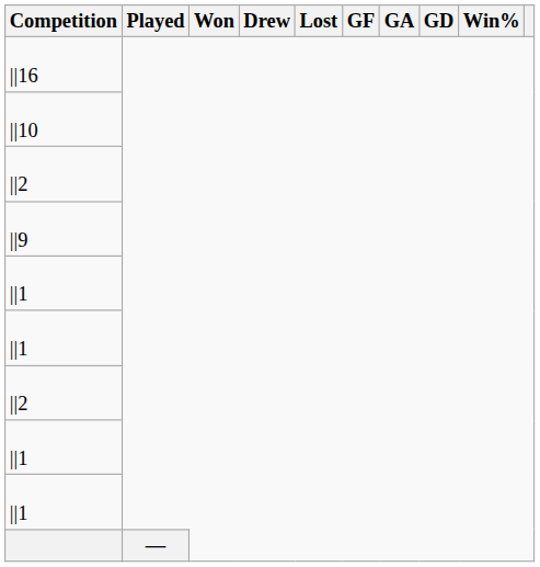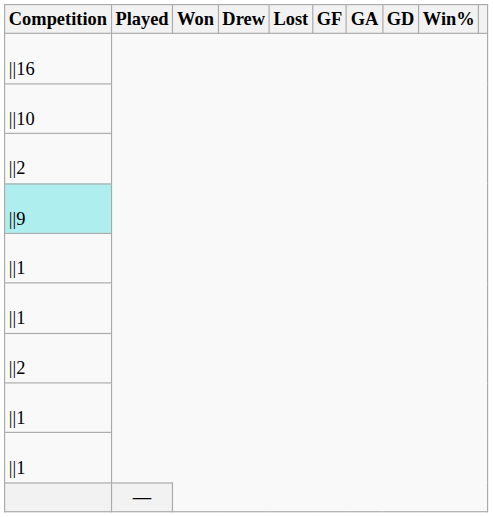 <table class="wikitable sortable" style="text-align: center;">
 <tr>
 <th>Competition</th>
 <th>Played</th>
 <th>Won</th>
 <th>Drew</th>
 <th>Lost</th>
 <th>GF</th>
 <th>GA</th>
 <th>GD</th>
 <th>Win%</th>
 <th></th>
 </tr>
 <tr>
 <td align=left><br>||16</td>
 </tr>
 <tr>
 <td align=left><br>||10</td>
 </tr>
 <tr>
 <td align=left><br>||2</td>
 </tr>
 <tr>
-<td align=left><br>||9</td>
+<td align=left style="background: paleturquoise;"><br>||9</td>
 </tr>
 <tr>
 <td align=left><br>||1</td>
 </tr>
 <tr>
 <td align=left><br>||1</td>
 </tr>
 <tr>
 <td align=left><br>||2</td>
 </tr>
 <tr>
 <td align=left><br>||1</td>
 </tr>
 <tr>
 <td align=left><br>||1</td>
 </tr>
 <tr class="sortbottom">
 <th><br></th>
 <th>—</th>
 </tr>
 </table>
